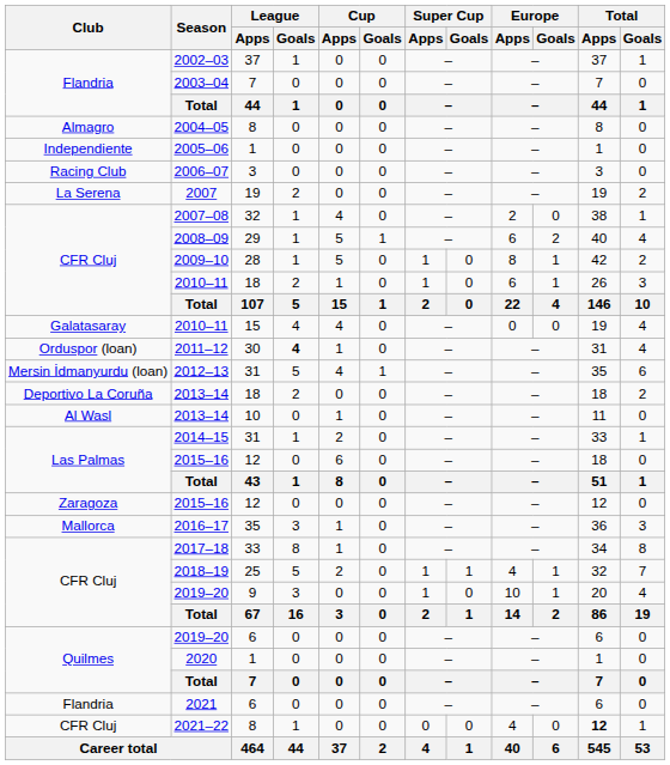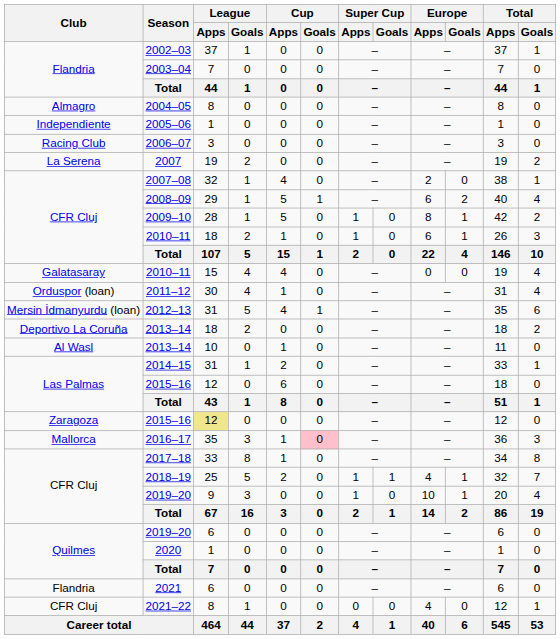 <table class="wikitable" style="text-align:center">
 <tr>
 <th rowspan="2">Club</th>
 <th rowspan="2">Season</th>
 <th colspan="2">League</th>
 <th colspan="2">Cup</th>
 <th colspan="2">Super Cup</th>
 <th colspan="2">Europe</th>
 <th colspan="2">Total</th>
 </tr>
 <tr>
 <th>Apps</th>
 <th>Goals</th>
 <th>Apps</th>
 <th>Goals</th>
 <th>Apps</th>
 <th>Goals</th>
 <th>Apps</th>
 <th>Goals</th>
 <th>Apps</th>
 <th>Goals</th>
 </tr>
 <tr>
 <td rowspan="3"><a href='#'>Flandria</a></td>
 <td><a href='#'>2002–03</a></td>
 <td>37</td>
 <td>1</td>
 <td>0</td>
 <td>0</td>
 <td colspan="2">–</td>
 <td colspan="2">–</td>
 <td>37</td>
 <td>1</td>
 </tr>
 <tr>
 <td><a href='#'>2003–04</a></td>
 <td>7</td>
 <td>0</td>
 <td>0</td>
 <td>0</td>
 <td colspan="2">–</td>
 <td colspan="2">–</td>
 <td>7</td>
 <td>0</td>
 </tr>
 <tr>
 <th>Total</th>
 <th>44</th>
 <th>1</th>
 <th>0</th>
 <th>0</th>
 <th rowspan=1 colspan="2">–</th>
 <th rowspan=1 colspan="2">–</th>
 <th>44</th>
 <th>1</th>
 </tr>
 <tr>
 <td><a href='#'>Almagro</a></td>
 <td><a href='#'>2004–05</a></td>
 <td>8</td>
 <td>0</td>
 <td>0</td>
 <td>0</td>
 <td colspan="2">–</td>
 <td colspan="2">–</td>
 <td>8</td>
 <td>0</td>
 </tr>
 <tr>
 <td><a href='#'>Independiente</a></td>
 <td><a href='#'>2005–06</a></td>
 <td>1</td>
 <td>0</td>
 <td>0</td>
 <td>0</td>
 <td colspan="2">–</td>
 <td colspan="2">–</td>
 <td>1</td>
 <td>0</td>
 </tr>
 <tr>
 <td><a href='#'>Racing Club</a></td>
 <td><a href='#'>2006–07</a></td>
 <td>3</td>
 <td>0</td>
 <td>0</td>
 <td>0</td>
 <td colspan="2">–</td>
 <td colspan="2">–</td>
 <td>3</td>
 <td>0</td>
 </tr>
 <tr>
 <td><a href='#'>La Serena</a></td>
 <td><a href='#'>2007</a></td>
 <td>19</td>
 <td>2</td>
 <td>0</td>
 <td>0</td>
 <td colspan="2">–</td>
 <td colspan="2">–</td>
 <td>19</td>
 <td>2</td>
 </tr>
 <tr>
 <td rowspan="5"><a href='#'>CFR Cluj</a></td>
 <td><a href='#'>2007–08</a></td>
 <td>32</td>
 <td>1</td>
 <td>4</td>
 <td>0</td>
 <td colspan="2">–</td>
 <td>2</td>
 <td>0</td>
 <td>38</td>
 <td>1</td>
 </tr>
 <tr>
 <td><a href='#'>2008–09</a></td>
 <td>29</td>
 <td>1</td>
 <td>5</td>
 <td>1</td>
 <td colspan="2">–</td>
 <td>6</td>
 <td>2</td>
 <td>40</td>
 <td>4</td>
 </tr>
 <tr>
 <td><a href='#'>2009–10</a></td>
 <td>28</td>
 <td>1</td>
 <td>5</td>
 <td>0</td>
 <td>1</td>
 <td>0</td>
 <td>8</td>
 <td>1</td>
 <td>42</td>
 <td>2</td>
 </tr>
 <tr>
 <td><a href='#'>2010–11</a></td>
 <td>18</td>
 <td>2</td>
 <td>1</td>
 <td>0</td>
 <td>1</td>
 <td>0</td>
 <td>6</td>
 <td>1</td>
 <td>26</td>
 <td>3</td>
 </tr>
 <tr>
 <th>Total</th>
 <th>107</th>
 <th>5</th>
 <th>15</th>
 <th>1</th>
 <th>2</th>
 <th>0</th>
 <th>22</th>
 <th>4</th>
 <th>146</th>
 <th>10</th>
 </tr>
 <tr>
 <td><a href='#'>Galatasaray</a></td>
 <td><a href='#'>2010–11</a></td>
 <td>15</td>
 <td>4</td>
 <td>4</td>
 <td>0</td>
 <td colspan="2">–</td>
 <td>0</td>
 <td>0</td>
 <td>19</td>
 <td>4</td>
 </tr>
 <tr>
 <td><a href='#'>Orduspor</a> (loan)</td>
 <td><a href='#'>2011–12</a></td>
 <td>30</td>
-<td><strong>4</strong></td>
+<td>4</td>
 <td>1</td>
 <td>0</td>
 <td colspan="2">–</td>
 <td colspan="2">–</td>
 <td>31</td>
 <td>4</td>
 </tr>
 <tr>
 <td><a href='#'>Mersin İdmanyurdu</a> (loan)</td>
 <td><a href='#'>2012–13</a></td>
 <td>31</td>
 <td>5</td>
 <td>4</td>
 <td>1</td>
 <td colspan="2">–</td>
 <td colspan="2">–</td>
 <td>35</td>
 <td>6</td>
 </tr>
 <tr>
 <td><a href='#'>Deportivo La Coruña</a></td>
 <td><a href='#'>2013–14</a></td>
 <td>18</td>
 <td>2</td>
 <td>0</td>
 <td>0</td>
 <td colspan="2">–</td>
 <td colspan="2">–</td>
 <td>18</td>
 <td>2</td>
 </tr>
 <tr>
 <td><a href='#'>Al Wasl</a></td>
 <td><a href='#'>2013–14</a></td>
 <td>10</td>
 <td>0</td>
 <td>1</td>
 <td>0</td>
 <td colspan="2">–</td>
 <td colspan="2">–</td>
 <td>11</td>
 <td>0</td>
 </tr>
 <tr>
 <td rowspan="3"><a href='#'>Las Palmas</a></td>
 <td><a href='#'>2014–15</a></td>
 <td>31</td>
 <td>1</td>
 <td>2</td>
 <td>0</td>
 <td colspan="2">–</td>
 <td colspan="2">–</td>
 <td>33</td>
 <td>1</td>
 </tr>
 <tr>
 <td><a href='#'>2015–16</a></td>
 <td>12</td>
 <td>0</td>
 <td>6</td>
 <td>0</td>
 <td colspan="2">–</td>
 <td colspan="2">–</td>
 <td>18</td>
 <td>0</td>
 </tr>
 <tr>
 <th>Total</th>
 <th>43</th>
 <th>1</th>
 <th>8</th>
 <th>0</th>
 <th rowspan=1 colspan="2">–</th>
 <th rowspan=1 colspan="2">–</th>
 <th>51</th>
 <th>1</th>
 </tr>
 <tr>
 <td><a href='#'>Zaragoza</a></td>
 <td><a href='#'>2015–16</a></td>
-<td>12</td>
+<td style="background: khaki;">12</td>
 <td>0</td>
 <td>0</td>
 <td>0</td>
 <td colspan="2">–</td>
 <td colspan="2">–</td>
 <td>12</td>
 <td>0</td>
 </tr>
 <tr>
 <td><a href='#'>Mallorca</a></td>
 <td><a href='#'>2016–17</a></td>
 <td>35</td>
 <td>3</td>
 <td>1</td>
-<td>0</td>
+<td style="background: pink;">0</td>
 <td colspan="2">–</td>
 <td colspan="2">–</td>
 <td>36</td>
 <td>3</td>
 </tr>
 <tr>
 <td rowspan="4">CFR Cluj</td>
 <td><a href='#'>2017–18</a></td>
 <td>33</td>
 <td>8</td>
 <td>1</td>
 <td>0</td>
 <td colspan="2">–</td>
 <td colspan="2">–</td>
 <td>34</td>
 <td>8</td>
 </tr>
 <tr>
 <td><a href='#'>2018–19</a></td>
 <td>25</td>
 <td>5</td>
 <td>2</td>
 <td>0</td>
 <td>1</td>
 <td>1</td>
 <td>4</td>
 <td>1</td>
 <td>32</td>
 <td>7</td>
 </tr>
 <tr>
 <td><a href='#'>2019–20</a></td>
 <td>9</td>
 <td>3</td>
 <td>0</td>
 <td>0</td>
 <td>1</td>
 <td>0</td>
 <td>10</td>
 <td>1</td>
 <td>20</td>
 <td>4</td>
 </tr>
 <tr>
 <th>Total</th>
 <th>67</th>
 <th>16</th>
 <th>3</th>
 <th>0</th>
 <th>2</th>
 <th>1</th>
 <th>14</th>
 <th>2</th>
 <th>86</th>
 <th>19</th>
 </tr>
 <tr>
 <td rowspan="3"><a href='#'>Quilmes</a></td>
 <td><a href='#'>2019–20</a></td>
 <td>6</td>
 <td>0</td>
 <td>0</td>
 <td>0</td>
 <td colspan="2">–</td>
 <td colspan="2">–</td>
 <td>6</td>
 <td>0</td>
 </tr>
 <tr>
 <td><a href='#'>2020</a></td>
 <td>1</td>
 <td>0</td>
 <td>0</td>
 <td>0</td>
 <td colspan="2">–</td>
 <td colspan="2">–</td>
 <td>1</td>
 <td>0</td>
 </tr>
 <tr>
 <th>Total</th>
 <th>7</th>
 <th>0</th>
 <th>0</th>
 <th>0</th>
 <th rowspan=1 colspan="2">–</th>
 <th rowspan=1 colspan="2">–</th>
 <th>7</th>
 <th>0</th>
 </tr>
 <tr>
 <td>Flandria</td>
 <td><a href='#'>2021</a></td>
 <td>6</td>
 <td>0</td>
 <td>0</td>
 <td>0</td>
 <td colspan="2">–</td>
 <td colspan="2">–</td>
 <td>6</td>
 <td>0</td>
 </tr>
 <tr>
 <td>CFR Cluj</td>
 <td><a href='#'>2021–22</a></td>
 <td>8</td>
 <td>1</td>
 <td>0</td>
 <td>0</td>
 <td>0</td>
 <td>0</td>
 <td>4</td>
 <td>0</td>
-<td><strong>12</strong></td>
+<td>12</td>
 <td>1</td>
 </tr>
 <tr>
 <th colspan="2">Career total</th>
 <th>464</th>
 <th>44</th>
 <th>37</th>
 <th>2</th>
 <th>4</th>
 <th>1</th>
 <th>40</th>
 <th>6</th>
 <th>545</th>
 <th>53</th>
 </tr>
 </table>
